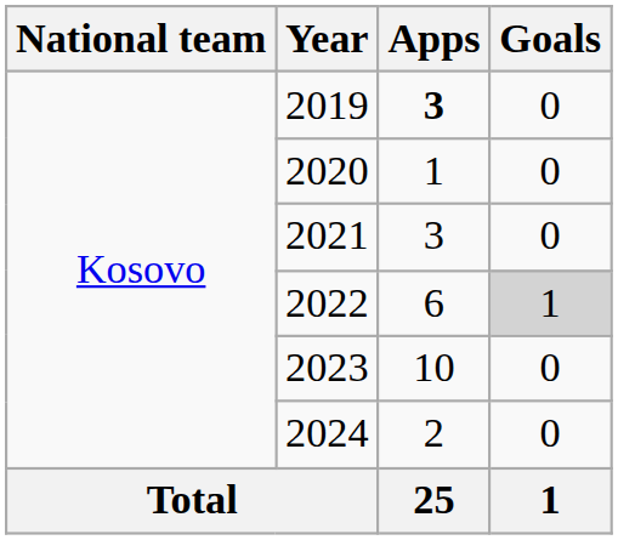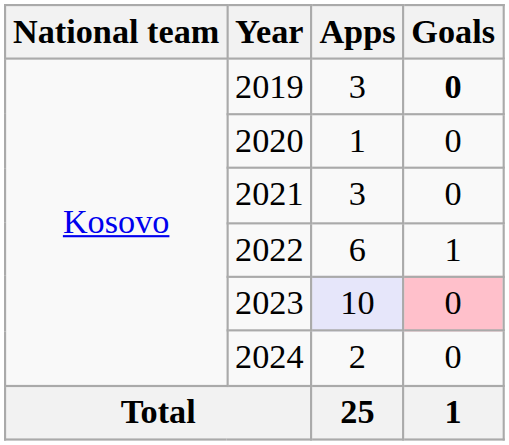 <table class=wikitable style="text-align: center;">
 <tr>
 <th>National team</th>
 <th>Year</th>
 <th>Apps</th>
 <th>Goals</th>
 </tr>
 <tr>
 <td rowspan="6"><a href='#'>Kosovo</a></td>
 <td>2019</td>
-<td><strong>3</strong></td>
-<td>0</td>
+<td>3</td>
+<td><strong>0</strong></td>
 </tr>
 <tr>
 <td>2020</td>
 <td>1</td>
 <td>0</td>
 </tr>
 <tr>
 <td>2021</td>
 <td>3</td>
 <td>0</td>
 </tr>
 <tr>
 <td>2022</td>
 <td>6</td>
-<td style="background: lightgrey;">1</td>
+<td>1</td>
 </tr>
 <tr>
 <td>2023</td>
-<td>10</td>
-<td>0</td>
+<td style="background: lavender;">10</td>
+<td style="background: pink;">0</td>
 </tr>
 <tr>
 <td>2024</td>
 <td>2</td>
 <td>0</td>
 </tr>
 <tr>
 <th colspan="2">Total</th>
 <th>25</th>
 <th>1</th>
 </tr>
 </table>
